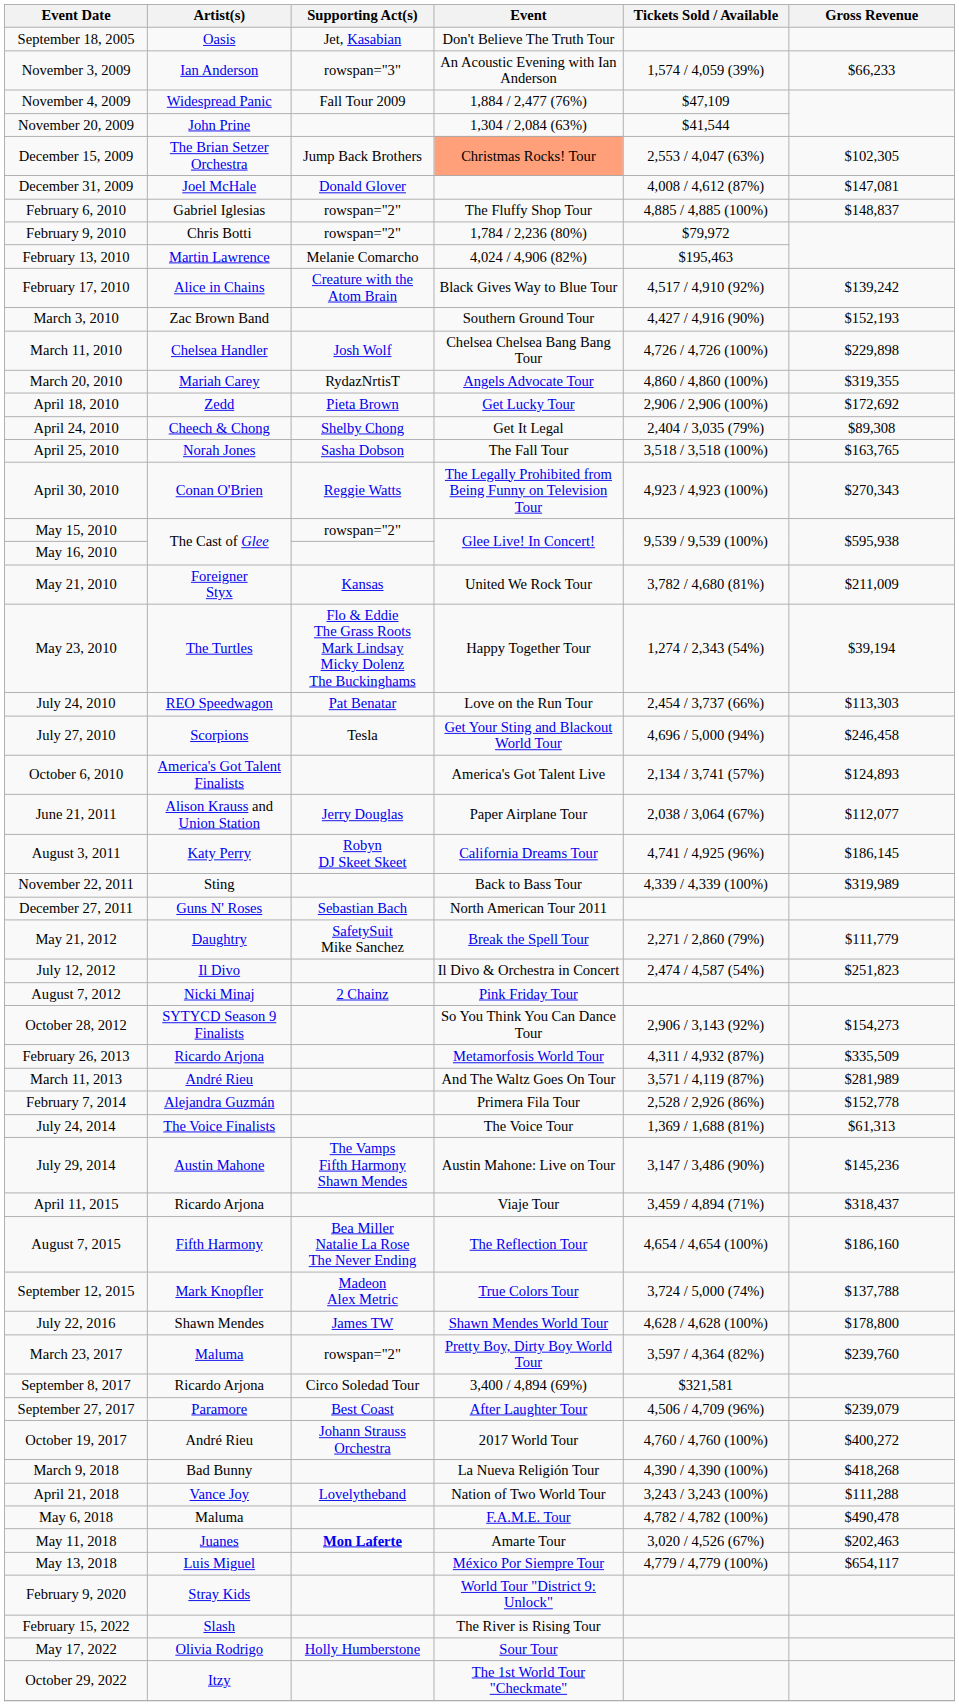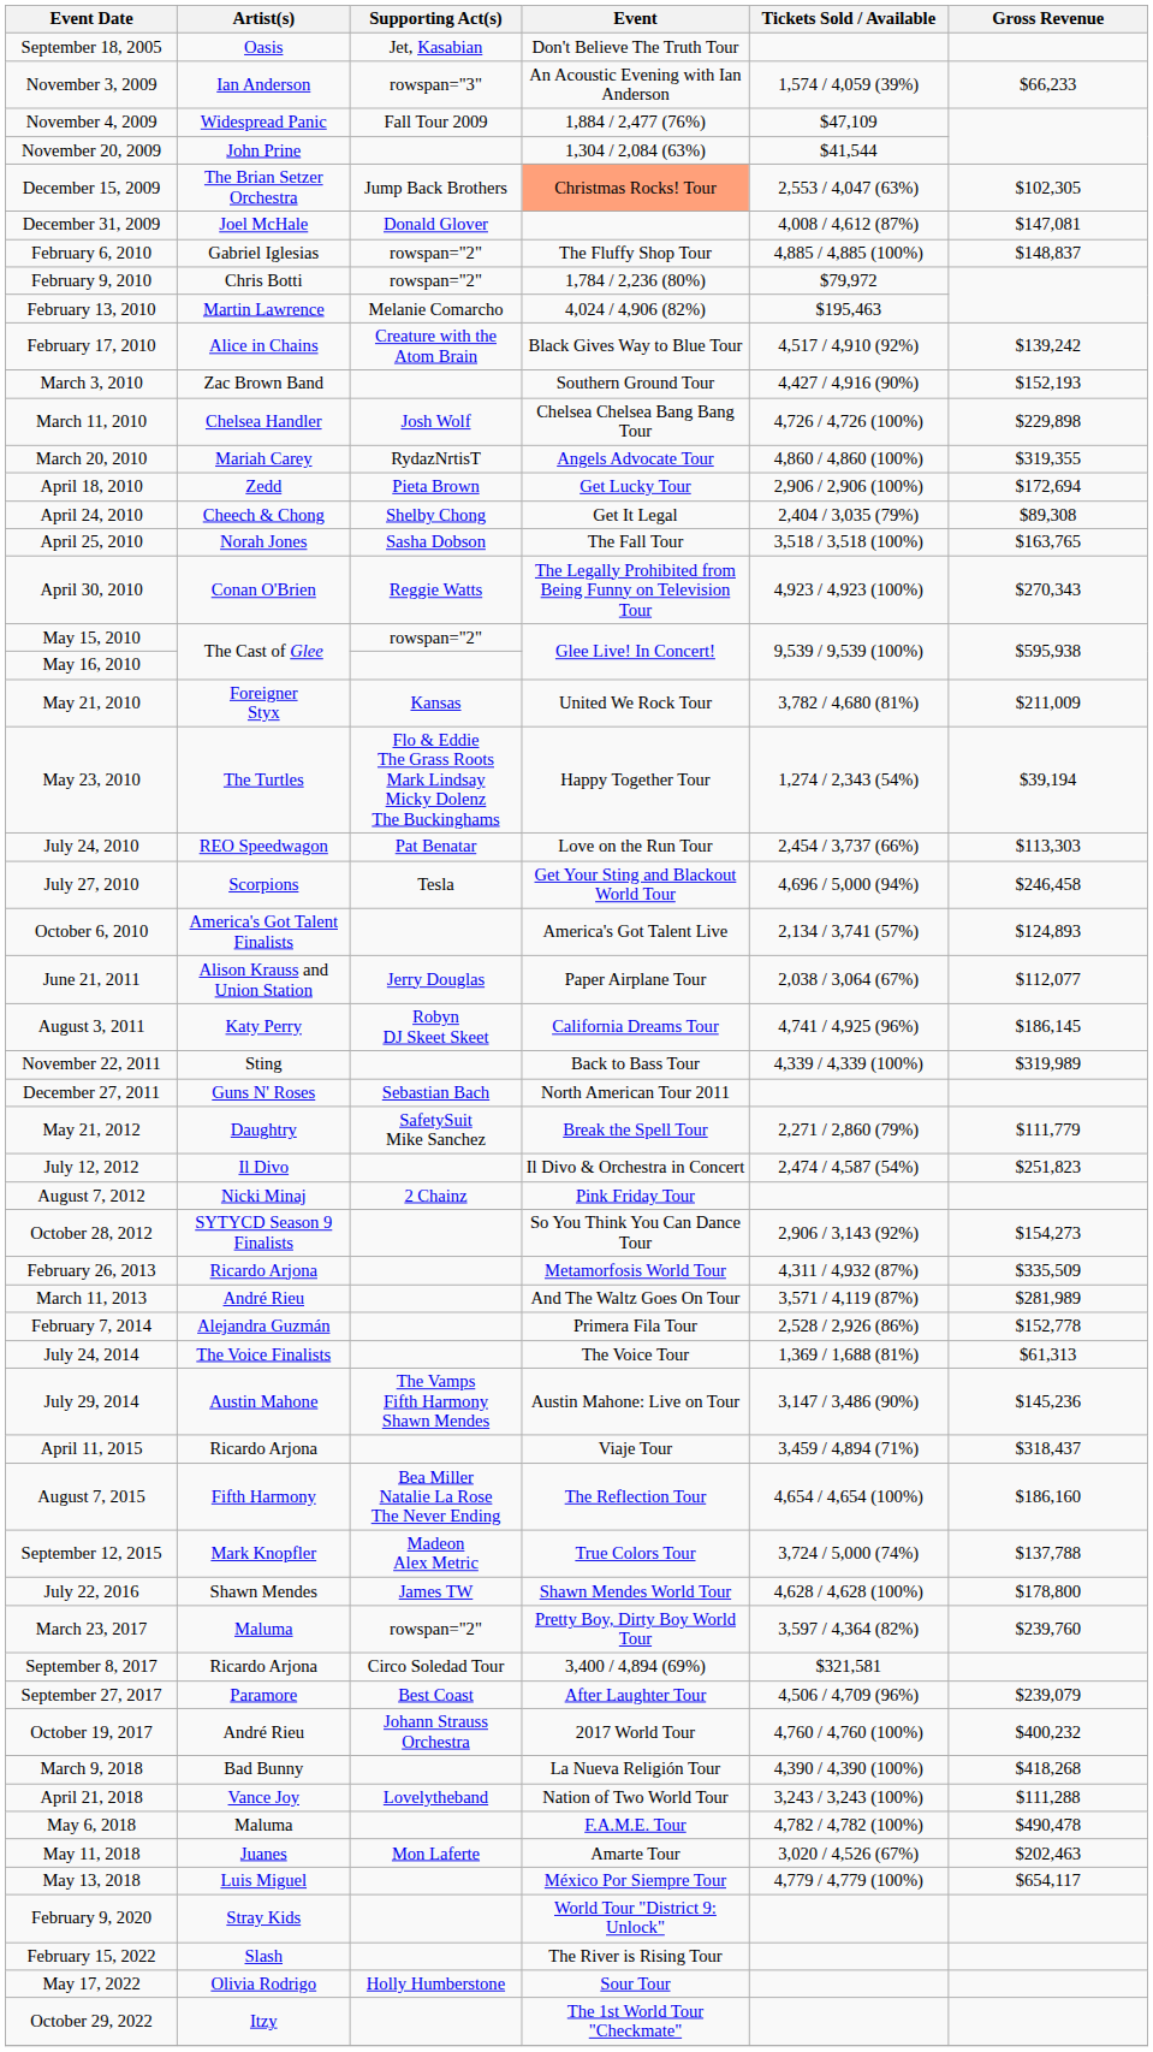 <table class="wikitable" style="text-align:center;">
 <tr>
 <th style="width:150px;">Event Date</th>
 <th style="width:150px;">Artist(s)</th>
 <th style="width:150px;">Supporting Act(s)</th>
 <th style="width:200px;">Event</th>
 <th style="width:175px;">Tickets Sold / Available</th>
 <th style="width:175px;">Gross Revenue</th>
 </tr>
 <tr>
 <td>September 18, 2005</td>
 <td><a href='#'>Oasis</a></td>
 <td>Jet, <a href='#'>Kasabian</a></td>
 <td>Don't Believe The Truth Tour</td>
 <td></td>
 </tr>
 <tr>
 <td>November 3, 2009</td>
 <td><a href='#'>Ian Anderson</a></td>
 <td>rowspan="3" </td>
 <td>An Acoustic Evening with Ian Anderson</td>
 <td>1,574 / 4,059 (39%)</td>
 <td>$66,233</td>
 </tr>
 <tr>
 <td>November 4, 2009</td>
 <td><a href='#'>Widespread Panic</a></td>
 <td>Fall Tour 2009</td>
 <td>1,884 / 2,477 (76%)</td>
 <td>$47,109</td>
 </tr>
 <tr>
 <td>November 20, 2009</td>
 <td><a href='#'>John Prine</a></td>
 <td></td>
 <td>1,304 / 2,084 (63%)</td>
 <td>$41,544</td>
 </tr>
 <tr>
 <td>December 15, 2009</td>
 <td><a href='#'>The Brian Setzer Orchestra</a></td>
 <td>Jump Back Brothers</td>
 <td style="background: lightsalmon;">Christmas Rocks! Tour</td>
 <td>2,553 / 4,047 (63%)</td>
 <td>$102,305</td>
 </tr>
 <tr>
 <td>December 31, 2009</td>
 <td><a href='#'>Joel McHale</a></td>
 <td><a href='#'>Donald Glover</a></td>
 <td></td>
 <td>4,008 / 4,612 (87%)</td>
 <td>$147,081</td>
 </tr>
 <tr>
 <td>February 6, 2010</td>
 <td>Gabriel Iglesias</td>
 <td>rowspan="2" </td>
 <td>The Fluffy Shop Tour</td>
 <td>4,885 / 4,885 (100%)</td>
 <td>$148,837</td>
 </tr>
 <tr>
 <td>February 9, 2010</td>
 <td>Chris Botti</td>
 <td>rowspan="2" </td>
 <td>1,784 / 2,236 (80%)</td>
 <td>$79,972</td>
 </tr>
 <tr>
 <td>February 13, 2010</td>
 <td><a href='#'>Martin Lawrence</a></td>
 <td>Melanie Comarcho</td>
 <td>4,024 / 4,906 (82%)</td>
 <td>$195,463</td>
 </tr>
 <tr>
 <td>February 17, 2010</td>
 <td><a href='#'>Alice in Chains</a></td>
 <td><a href='#'>Creature with the Atom Brain</a></td>
 <td>Black Gives Way to Blue Tour</td>
 <td>4,517 / 4,910 (92%)</td>
 <td>$139,242</td>
 </tr>
 <tr>
 <td>March 3, 2010</td>
 <td>Zac Brown Band</td>
 <td></td>
 <td>Southern Ground Tour</td>
 <td>4,427 / 4,916 (90%)</td>
 <td>$152,193</td>
 </tr>
 <tr>
 <td>March 11, 2010</td>
 <td><a href='#'>Chelsea Handler</a></td>
 <td><a href='#'>Josh Wolf</a></td>
 <td>Chelsea Chelsea Bang Bang Tour</td>
 <td>4,726 / 4,726 (100%)</td>
 <td>$229,898</td>
 </tr>
 <tr>
 <td>March 20, 2010</td>
 <td><a href='#'>Mariah Carey</a></td>
 <td>RydazNrtisT</td>
 <td><a href='#'>Angels Advocate Tour</a></td>
 <td>4,860 / 4,860 (100%)</td>
 <td>$319,355</td>
 </tr>
 <tr>
 <td>April 18, 2010</td>
 <td><a href='#'>Zedd</a></td>
 <td><a href='#'>Pieta Brown</a></td>
 <td><a href='#'>Get Lucky Tour</a></td>
 <td>2,906 / 2,906 (100%)</td>
-<td>$172,692</td>
+<td>$172,694</td>
 </tr>
 <tr>
 <td>April 24, 2010</td>
 <td><a href='#'>Cheech & Chong</a></td>
 <td><a href='#'>Shelby Chong</a></td>
 <td>Get It Legal</td>
 <td>2,404 / 3,035 (79%)</td>
 <td>$89,308</td>
 </tr>
 <tr>
 <td>April 25, 2010</td>
 <td><a href='#'>Norah Jones</a></td>
 <td><a href='#'>Sasha Dobson</a></td>
 <td>The Fall Tour</td>
 <td>3,518 / 3,518 (100%)</td>
 <td>$163,765</td>
 </tr>
 <tr>
 <td>April 30, 2010</td>
 <td><a href='#'>Conan O'Brien</a></td>
 <td><a href='#'>Reggie Watts</a></td>
 <td><a href='#'>The Legally Prohibited from Being Funny on Television Tour</a></td>
 <td>4,923 / 4,923 (100%)</td>
 <td>$270,343</td>
 </tr>
 <tr>
 <td>May 15, 2010</td>
 <td rowspan="2">The Cast of <em><a href='#'>Glee</a></em> </td>
 <td>rowspan="2" </td>
 <td rowspan="2"><a href='#'>Glee Live! In Concert!</a></td>
 <td rowspan="2">9,539 / 9,539 (100%)</td>
 <td rowspan="2">$595,938</td>
 </tr>
 <tr>
 <td>May 16, 2010</td>
 </tr>
 <tr>
 <td>May 21, 2010</td>
 <td><a href='#'>Foreigner</a><br><a href='#'>Styx</a></td>
 <td><a href='#'>Kansas</a></td>
 <td>United We Rock Tour</td>
 <td>3,782 / 4,680 (81%)</td>
 <td>$211,009</td>
 </tr>
 <tr>
 <td>May 23, 2010</td>
 <td><a href='#'>The Turtles</a></td>
 <td><a href='#'>Flo & Eddie</a><br><a href='#'>The Grass Roots</a><br><a href='#'>Mark Lindsay</a><br><a href='#'>Micky Dolenz</a><br><a href='#'>The Buckinghams</a></td>
 <td>Happy Together Tour</td>
 <td>1,274 / 2,343 (54%)</td>
 <td>$39,194</td>
 </tr>
 <tr>
 <td>July 24, 2010</td>
 <td><a href='#'>REO Speedwagon</a></td>
 <td><a href='#'>Pat Benatar</a></td>
 <td>Love on the Run Tour</td>
 <td>2,454 / 3,737 (66%)</td>
 <td>$113,303</td>
 </tr>
 <tr>
 <td>July 27, 2010</td>
 <td><a href='#'>Scorpions</a></td>
 <td>Tesla</td>
 <td><a href='#'>Get Your Sting and Blackout World Tour</a></td>
 <td>4,696 / 5,000 (94%)</td>
 <td>$246,458</td>
 </tr>
 <tr>
 <td>October 6, 2010</td>
 <td><a href='#'>America's Got Talent Finalists</a> </td>
 <td></td>
 <td>America's Got Talent Live</td>
 <td>2,134 / 3,741 (57%)</td>
 <td>$124,893</td>
 </tr>
 <tr>
 <td>June 21, 2011</td>
 <td><a href='#'>Alison Krauss</a> and <a href='#'>Union Station</a></td>
 <td><a href='#'>Jerry Douglas</a></td>
 <td>Paper Airplane Tour</td>
 <td>2,038 / 3,064 (67%)</td>
 <td>$112,077</td>
 </tr>
 <tr>
 <td>August 3, 2011</td>
 <td><a href='#'>Katy Perry</a></td>
 <td><a href='#'>Robyn</a><br><a href='#'>DJ Skeet Skeet</a></td>
 <td><a href='#'>California Dreams Tour</a></td>
 <td>4,741 / 4,925 (96%)</td>
 <td>$186,145</td>
 </tr>
 <tr>
 <td>November 22, 2011</td>
 <td>Sting</td>
 <td></td>
 <td>Back to Bass Tour</td>
 <td>4,339 / 4,339 (100%)</td>
 <td>$319,989</td>
 </tr>
 <tr>
 <td>December 27, 2011</td>
 <td><a href='#'>Guns N' Roses</a></td>
 <td><a href='#'>Sebastian Bach</a></td>
 <td>North American Tour 2011</td>
 <td></td>
 </tr>
 <tr>
 <td>May 21, 2012</td>
 <td><a href='#'>Daughtry</a></td>
 <td><a href='#'>SafetySuit</a><br>Mike Sanchez</td>
 <td><a href='#'>Break the Spell Tour</a></td>
 <td>2,271 / 2,860 (79%)</td>
 <td>$111,779</td>
 </tr>
 <tr>
 <td>July 12, 2012</td>
 <td><a href='#'>Il Divo</a></td>
 <td></td>
 <td>Il Divo & Orchestra in Concert</td>
 <td>2,474 / 4,587 (54%)</td>
 <td>$251,823</td>
 </tr>
 <tr>
 <td>August 7, 2012</td>
 <td><a href='#'>Nicki Minaj</a></td>
 <td><a href='#'>2 Chainz</a></td>
 <td><a href='#'>Pink Friday Tour</a></td>
 <td></td>
 <td></td>
 </tr>
 <tr>
 <td>October 28, 2012</td>
 <td><a href='#'>SYTYCD Season 9 Finalists</a> </td>
 <td></td>
 <td>So You Think You Can Dance Tour</td>
 <td>2,906 / 3,143 (92%)</td>
 <td>$154,273</td>
 </tr>
 <tr>
 <td>February 26, 2013</td>
 <td><a href='#'>Ricardo Arjona</a></td>
 <td></td>
 <td><a href='#'>Metamorfosis World Tour</a></td>
 <td>4,311 / 4,932 (87%)</td>
 <td>$335,509</td>
 </tr>
 <tr>
 <td>March 11, 2013</td>
 <td><a href='#'>André Rieu</a></td>
 <td></td>
 <td>And The Waltz Goes On Tour</td>
 <td>3,571 / 4,119 (87%)</td>
 <td>$281,989</td>
 </tr>
 <tr>
 <td>February 7, 2014</td>
 <td><a href='#'>Alejandra Guzmán</a></td>
 <td></td>
 <td>Primera Fila Tour</td>
 <td>2,528 / 2,926 (86%)</td>
 <td>$152,778</td>
 </tr>
 <tr>
 <td>July 24, 2014</td>
 <td><a href='#'>The Voice Finalists</a> </td>
 <td></td>
 <td>The Voice Tour</td>
 <td>1,369 / 1,688 (81%)</td>
 <td>$61,313</td>
 </tr>
 <tr>
 <td>July 29, 2014</td>
 <td><a href='#'>Austin Mahone</a></td>
 <td><a href='#'>The Vamps</a><br><a href='#'>Fifth Harmony</a><br><a href='#'>Shawn Mendes</a></td>
 <td>Austin Mahone: Live on Tour</td>
 <td>3,147 / 3,486 (90%)</td>
 <td>$145,236</td>
 </tr>
 <tr>
 <td>April 11, 2015</td>
 <td>Ricardo Arjona</td>
 <td></td>
 <td>Viaje Tour</td>
 <td>3,459 / 4,894 (71%)</td>
 <td>$318,437</td>
 </tr>
 <tr>
 <td>August 7, 2015</td>
 <td><a href='#'>Fifth Harmony</a></td>
 <td><a href='#'>Bea Miller</a><br><a href='#'>Natalie La Rose</a><br><a href='#'>The Never Ending</a></td>
 <td><a href='#'>The Reflection Tour</a></td>
 <td>4,654 / 4,654 (100%)</td>
 <td>$186,160</td>
 </tr>
 <tr>
 <td>September 12, 2015</td>
 <td><a href='#'>Mark Knopfler</a></td>
 <td><a href='#'>Madeon</a><br><a href='#'>Alex Metric</a></td>
 <td><a href='#'>True Colors Tour</a></td>
 <td>3,724 / 5,000 (74%)</td>
 <td>$137,788</td>
 </tr>
 <tr>
 <td>July 22, 2016</td>
 <td>Shawn Mendes</td>
 <td><a href='#'>James TW</a></td>
 <td><a href='#'>Shawn Mendes World Tour</a></td>
 <td>4,628 / 4,628 (100%)</td>
 <td>$178,800</td>
 </tr>
 <tr>
 <td>March 23, 2017</td>
 <td><a href='#'>Maluma</a></td>
 <td>rowspan="2" </td>
 <td><a href='#'>Pretty Boy, Dirty Boy World Tour</a></td>
 <td>3,597 / 4,364 (82%)</td>
 <td>$239,760</td>
 </tr>
 <tr>
 <td>September 8, 2017</td>
 <td>Ricardo Arjona</td>
 <td>Circo Soledad Tour</td>
 <td>3,400 / 4,894 (69%)</td>
 <td>$321,581</td>
 </tr>
 <tr>
 <td>September 27, 2017</td>
 <td><a href='#'>Paramore</a></td>
 <td><a href='#'>Best Coast</a></td>
 <td><a href='#'>After Laughter Tour</a></td>
 <td>4,506 / 4,709 (96%)</td>
 <td>$239,079</td>
 </tr>
 <tr>
 <td>October 19, 2017</td>
 <td>André Rieu</td>
 <td><a href='#'>Johann Strauss Orchestra</a></td>
 <td>2017 World Tour</td>
 <td>4,760 / 4,760 (100%)</td>
-<td>$400,272</td>
+<td>$400,232</td>
 </tr>
 <tr>
 <td>March 9, 2018</td>
 <td>Bad Bunny</td>
 <td></td>
 <td>La Nueva Religión Tour</td>
 <td>4,390 / 4,390 (100%)</td>
 <td>$418,268</td>
 </tr>
 <tr>
 <td>April 21, 2018</td>
 <td><a href='#'>Vance Joy</a></td>
 <td><a href='#'>Lovelytheband</a></td>
 <td>Nation of Two World Tour</td>
 <td>3,243 / 3,243 (100%)</td>
 <td>$111,288</td>
 </tr>
 <tr>
 <td>May 6, 2018</td>
 <td>Maluma</td>
 <td></td>
 <td><a href='#'>F.A.M.E. Tour</a></td>
 <td>4,782 / 4,782 (100%)</td>
 <td>$490,478</td>
 </tr>
 <tr>
 <td>May 11, 2018</td>
 <td><a href='#'>Juanes</a></td>
-<td><strong><a href='#'>Mon Laferte</a></strong></td>
+<td><a href='#'>Mon Laferte</a></td>
 <td>Amarte Tour</td>
 <td>3,020 / 4,526 (67%)</td>
 <td>$202,463</td>
 </tr>
 <tr>
 <td>May 13, 2018</td>
 <td><a href='#'>Luis Miguel</a></td>
 <td></td>
 <td><a href='#'>México Por Siempre Tour</a></td>
 <td>4,779 / 4,779 (100%)</td>
 <td>$654,117</td>
 </tr>
 <tr>
 <td>February 9, 2020</td>
 <td><a href='#'>Stray Kids</a></td>
 <td></td>
 <td><a href='#'>World Tour "District 9: Unlock"</a></td>
 <td></td>
 <td></td>
 </tr>
 <tr>
 <td>February 15, 2022</td>
 <td><a href='#'>Slash</a></td>
 <td></td>
 <td>The River is Rising Tour</td>
 <td></td>
 <td></td>
 </tr>
 <tr>
 <td>May 17, 2022</td>
 <td><a href='#'>Olivia Rodrigo</a></td>
 <td><a href='#'>Holly Humberstone</a></td>
 <td><a href='#'>Sour Tour</a></td>
 <td></td>
 <td></td>
 </tr>
 <tr>
 <td>October 29, 2022</td>
 <td><a href='#'>Itzy</a></td>
 <td></td>
 <td><a href='#'>The 1st World Tour "Checkmate"</a></td>
 <td></td>
 <td></td>
 </tr>
 <tr>
 </tr>
 </table>
